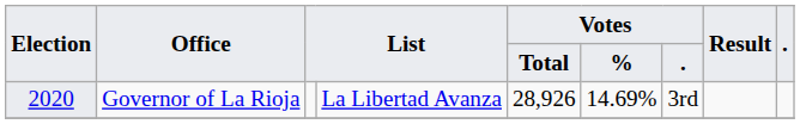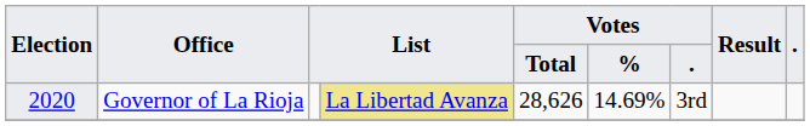 <table class="wikitable" style="font-size:90%; text-align:center;">
 <tr>
 <th style="background-color:#EAECF0;" rowspan=2>Election</th>
 <th style="background-color:#EAECF0;" rowspan=2>Office</th>
 <th style="background-color:#EAECF0;" colspan=2 rowspan=2>List</th>
 <th style="background-color:#EAECF0;" colspan=3>Votes</th>
 <th style="background-color:#EAECF0;" rowspan=2>Result</th>
 <th style="background-color:#EAECF0;" rowspan=2>.</th>
 </tr>
 <tr>
 <th style="background-color:#EAECF0;">Total</th>
 <th style="background-color:#EAECF0;">%</th>
 <th style="background-color:#EAECF0;">.</th>
 </tr>
 <tr>
 <td style="background-color:#EAECF0;"><a href='#'>2020</a></td>
 <td><a href='#'>Governor of La Rioja</a></td>
 <td style="background-color:"></td>
-<td><a href='#'>La Libertad Avanza</a></td>
-<td>28,926</td>
+<td style="background: khaki;"><a href='#'>La Libertad Avanza</a></td>
+<td>28,626</td>
 <td>14.69%</td>
 <td>3rd</td>
 <td></td>
 <td></td>
 </tr>
 <tr>
 </tr>
 </table>
